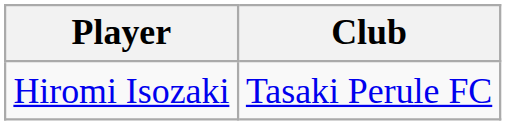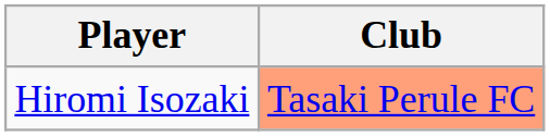 <table class="wikitable">
 <tr>
 <th>Player</th>
 <th>Club</th>
 </tr>
 <tr>
 <td> <a href='#'>Hiromi Isozaki</a></td>
-<td><a href='#'>Tasaki Perule FC</a></td>
+<td style="background: lightsalmon;"><a href='#'>Tasaki Perule FC</a></td>
 </tr>
 </table>
